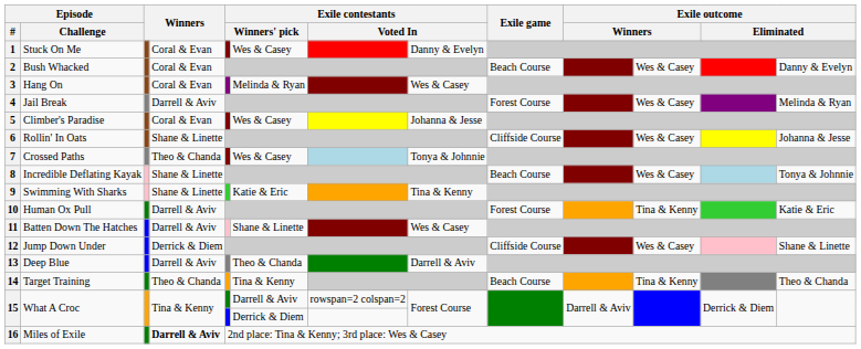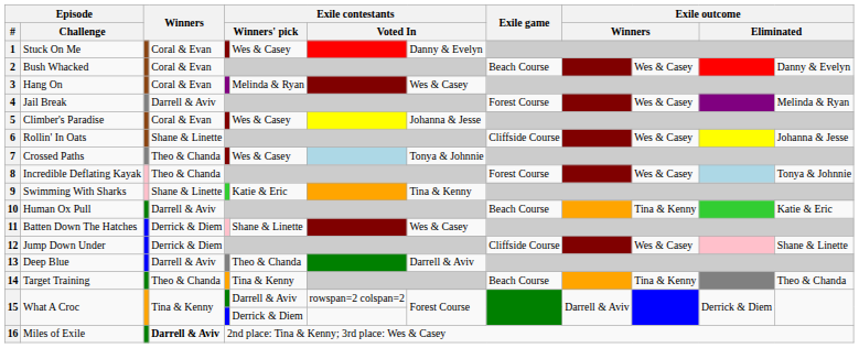 <table class="wikitable" style="font-size:90%; white-space:nowrap">
 <tr>
 <th colspan=2>Episode</th>
 <th colspan=2 rowspan=2>Winners</th>
 <th colspan=4>Exile contestants</th>
 <th rowspan=2>Exile game</th>
 <th colspan=4>Exile outcome</th>
 </tr>
 <tr>
 <th>#</th>
 <th>Challenge</th>
 <th colspan=2>Winners' pick</th>
 <th colspan=2>Voted In</th>
 <th colspan=2>Winners</th>
 <th colspan=2>Eliminated</th>
 </tr>
 <tr>
 <th>1</th>
 <td>Stuck On Me</td>
 <td style="background:saddlebrown;"></td>
 <td>Coral & Evan</td>
 <td style="background:maroon;"></td>
 <td>Wes & Casey</td>
 <td style="background:red;"></td>
 <td>Danny & Evelyn</td>
 <td colspan="5" style="background:#ccc;"></td>
 </tr>
 <tr>
 <th>2</th>
 <td>Bush Whacked</td>
 <td style="background:saddlebrown;"></td>
 <td>Coral & Evan</td>
 <td colspan="4" style="background:#ccc;"></td>
 <td>Beach Course</td>
 <td style="background:maroon;"></td>
 <td>Wes & Casey</td>
 <td style="background:red;"></td>
 <td>Danny & Evelyn</td>
 </tr>
 <tr>
 <th>3</th>
 <td>Hang On</td>
 <td style="background:saddlebrown;"></td>
 <td>Coral & Evan</td>
 <td style="background:purple;"></td>
 <td>Melinda & Ryan</td>
 <td style="background:maroon;"></td>
 <td>Wes & Casey</td>
 <td colspan="5" style="background:#ccc;"></td>
 </tr>
 <tr>
 <th>4</th>
 <td>Jail Break</td>
 <td style="background:gray;"></td>
 <td>Darrell & Aviv</td>
 <td colspan="4" style="background:#ccc;"></td>
 <td>Forest Course</td>
 <td style="background:maroon;"></td>
 <td nowrap>Wes & Casey</td>
 <td style="background:purple;"></td>
 <td>Melinda & Ryan</td>
 </tr>
 <tr>
 <th>5</th>
 <td>Climber's Paradise</td>
 <td style="background:saddlebrown;"></td>
 <td>Coral & Evan</td>
 <td style="background:maroon;"></td>
 <td>Wes & Casey</td>
 <td style="background:yellow;"></td>
 <td nowrap>Johanna & Jesse</td>
 <td colspan="5" style="background:#ccc;"></td>
 </tr>
 <tr>
 <th>6</th>
 <td>Rollin' In Oats</td>
 <td style="background:saddlebrown;"></td>
 <td nowrap>Shane & Linette</td>
 <td colspan="4" style="background:#ccc;"></td>
 <td nowrap>Cliffside Course</td>
 <td style="background:maroon;"></td>
 <td>Wes & Casey</td>
 <td style="background:yellow;"></td>
 <td nowrap>Johanna & Jesse</td>
 </tr>
 <tr>
 <th>7</th>
 <td>Crossed Paths</td>
 <td style="background:gray;"></td>
 <td>Theo & Chanda</td>
 <td style="background:maroon;"></td>
 <td>Wes & Casey</td>
 <td style="background:lightblue;"></td>
 <td>Tonya & Johnnie</td>
 <td colspan="5" style="background:#ccc;"></td>
 </tr>
 <tr>
 <th>8</th>
 <td nowrap>Incredible Deflating Kayak</td>
 <td style="background:pink;"></td>
-<td nowrap>Shane & Linette</td>
+<td>Theo & Chanda</td>
 <td colspan="4" style="background:#ccc;"></td>
-<td>Beach Course</td>
+<td>Forest Course</td>
 <td style="background:maroon;"></td>
 <td>Wes & Casey</td>
 <td style="background:lightblue;"></td>
 <td>Tonya & Johnnie</td>
 </tr>
 <tr>
 <th>9</th>
 <td>Swimming With Sharks</td>
 <td style="background:pink;"></td>
 <td>Shane & Linette</td>
 <td style="background:limegreen;"></td>
 <td>Katie & Eric</td>
 <td style="background:orange;"></td>
 <td>Tina & Kenny</td>
 <td colspan="5" style="background:#ccc;"></td>
 </tr>
 <tr>
 <th>10</th>
 <td>Human Ox Pull</td>
 <td style="background:green;"></td>
 <td>Darrell & Aviv</td>
 <td colspan="4" style="background:#ccc;"></td>
-<td>Forest Course</td>
+<td>Beach Course</td>
 <td style="background:orange;"></td>
 <td>Tina & Kenny</td>
 <td style="background:limegreen;"></td>
 <td>Katie & Eric</td>
 </tr>
 <tr>
 <th>11</th>
 <td nowrap>Batten Down The Hatches</td>
 <td style="background:blue;"></td>
-<td>Darrell & Aviv</td>
+<td>Derrick & Diem</td>
 <td style="background:pink;"></td>
 <td nowrap>Shane & Linette</td>
 <td style="background:maroon;"></td>
 <td>Wes & Casey</td>
 <td colspan="5" style="background:#ccc;"></td>
 </tr>
 <tr>
 <th>12</th>
 <td>Jump Down Under</td>
 <td style="background:blue;"></td>
 <td>Derrick & Diem</td>
 <td colspan="4" style="background:#ccc;"></td>
 <td>Cliffside Course</td>
 <td style="background:maroon;"></td>
 <td>Wes & Casey</td>
 <td style="background:pink;"></td>
 <td>Shane & Linette</td>
 </tr>
 <tr>
 <th>13</th>
 <td>Deep Blue</td>
 <td style="background:blue;"></td>
 <td>Darrell & Aviv</td>
 <td style="background:gray;"></td>
 <td>Theo & Chanda</td>
 <td style="background:green;"></td>
 <td>Darrell & Aviv</td>
 <td colspan="5" style="background:#ccc;"></td>
 </tr>
 <tr>
 <th>14</th>
 <td>Target Training</td>
 <td style="background:green;"></td>
 <td>Theo & Chanda</td>
 <td style="background:orange;"></td>
 <td>Tina & Kenny</td>
 <td colspan="2" style="background:#ccc;"></td>
 <td>Beach Course</td>
 <td style="background:orange;"></td>
 <td>Tina & Kenny</td>
 <td style="background:gray;"></td>
 <td>Theo & Chanda</td>
 </tr>
 <tr>
 <th rowspan=2>15</th>
 <td rowspan=2>What A Croc</td>
 <td rowspan="2" style="background:orange;"></td>
 <td rowspan=2>Tina & Kenny</td>
 <td style="background:green;"></td>
 <td>Darrell & Aviv</td>
 <td>rowspan=2 colspan=2 </td>
 <td rowspan=2>Forest Course</td>
 <td rowspan="2" style="background:green;"></td>
 <td rowspan=2 nowrap>Darrell & Aviv</td>
 <td rowspan="2" style="background:blue;"></td>
 <td rowspan=2>Derrick & Diem</td>
 </tr>
 <tr>
 <td style="background:blue;"></td>
 <td>Derrick & Diem</td>
 </tr>
 <tr>
 <th>16</th>
 <td>Miles of Exile</td>
 <td style="background:green;"></td>
 <td><strong>Darrell & Aviv</strong></td>
 <td colspan=9>2nd place: Tina & Kenny; 3rd place: Wes & Casey</td>
 </tr>
 </table>
